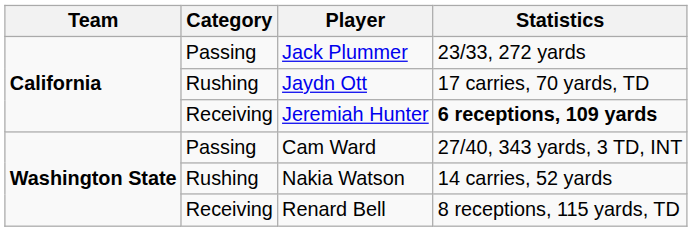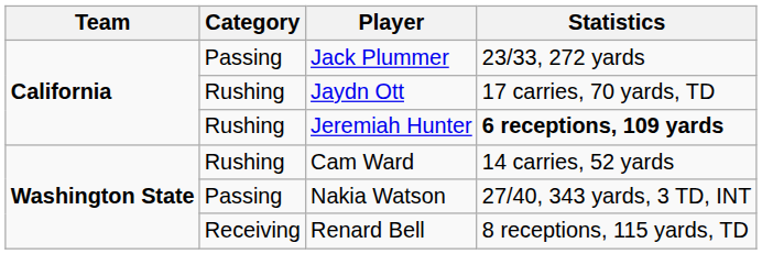 <table class="wikitable" style="float: right;">
 <tr>
 <th>Team</th>
 <th>Category</th>
 <th>Player</th>
 <th>Statistics</th>
 </tr>
 <tr>
 <td rowspan=3><strong>California</strong></td>
 <td>Passing</td>
 <td><a href='#'>Jack Plummer</a></td>
 <td>23/33, 272 yards</td>
 </tr>
 <tr>
 <td>Rushing</td>
 <td><a href='#'>Jaydn Ott</a></td>
 <td>17 carries, 70 yards, TD</td>
 </tr>
 <tr>
-<td>Receiving</td>
+<td>Rushing</td>
 <td><a href='#'>Jeremiah Hunter</a></td>
 <td><strong>6 receptions, 109 yards</strong></td>
 </tr>
 <tr>
 <td rowspan=3><strong>Washington State</strong></td>
-<td>Passing</td>
+<td>Rushing</td>
 <td>Cam Ward</td>
-<td>27/40, 343 yards, 3 TD, INT</td>
+<td>14 carries, 52 yards</td>
 </tr>
 <tr>
-<td>Rushing</td>
+<td>Passing</td>
 <td>Nakia Watson</td>
-<td>14 carries, 52 yards</td>
+<td>27/40, 343 yards, 3 TD, INT</td>
 </tr>
 <tr>
 <td>Receiving</td>
 <td>Renard Bell</td>
 <td>8 receptions, 115 yards, TD</td>
 </tr>
 </table>
